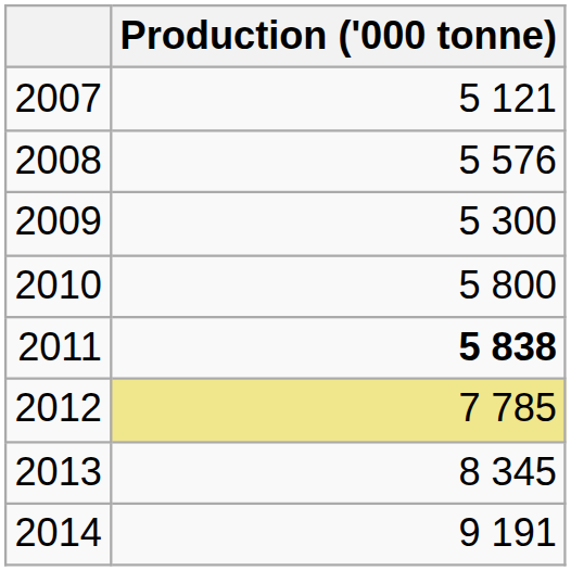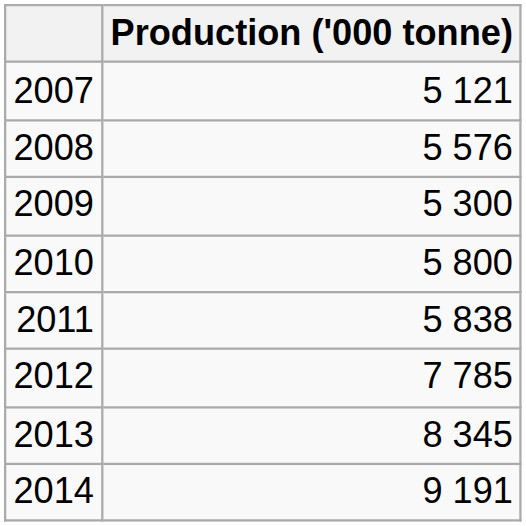 <table class="wikitable sortable" style="text-align:right">
 <tr>
 <th></th>
 <th>Production ('000 tonne)</th>
 </tr>
 <tr>
 <td>2007</td>
 <td>5 121</td>
 </tr>
 <tr>
 <td>2008</td>
 <td>5 576</td>
 </tr>
 <tr>
 <td>2009</td>
 <td>5 300</td>
 </tr>
 <tr>
 <td>2010</td>
 <td>5 800</td>
 </tr>
 <tr>
 <td>2011</td>
-<td><strong>5 838</strong></td>
+<td>5 838</td>
 </tr>
 <tr>
 <td>2012</td>
-<td style="background: khaki;">7 785</td>
+<td>7 785</td>
 </tr>
 <tr>
 <td>2013</td>
 <td>8 345</td>
 </tr>
 <tr>
 <td>2014</td>
 <td>9 191</td>
 </tr>
 </table>
